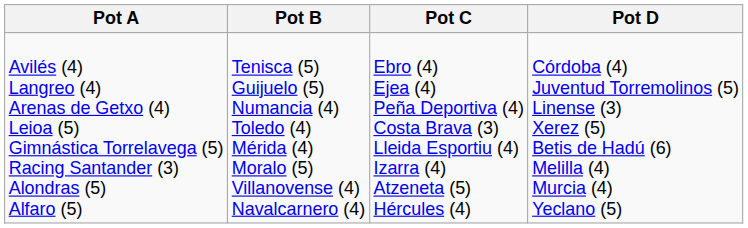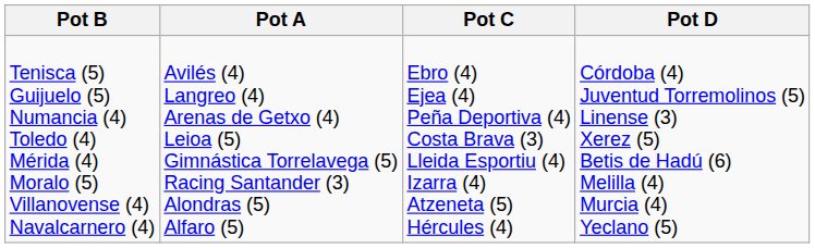 <table class="wikitable">
 <tr>
+<th>Pot B</th>
 <th>Pot A</th>
-<th>Pot B</th>
 <th>Pot C</th>
 <th>Pot D</th>
 </tr>
 <tr style="vertical-align:top">
+<td><br> <a href='#'>Tenisca</a> (5)<br>  <a href='#'>Guijuelo</a> (5)<br>  <a href='#'>Numancia</a> (4)<br>  <a href='#'>Toledo</a> (4)<br>  <a href='#'>Mérida</a> (4)<br>  <a href='#'>Moralo</a> (5)<br>  <a href='#'>Villanovense</a> (4)<br>  <a href='#'>Navalcarnero</a> (4)<br></td>
 <td><br> <a href='#'>Avilés</a> (4)<br>  <a href='#'>Langreo</a> (4)<br>  <a href='#'>Arenas de Getxo</a> (4)<br>  <a href='#'>Leioa</a> (5)<br>  <a href='#'>Gimnástica Torrelavega</a> (5)<br>  <a href='#'>Racing Santander</a> (3)<br>  <a href='#'>Alondras</a> (5)<br>  <a href='#'>Alfaro</a> (5)</td>
-<td><br> <a href='#'>Tenisca</a> (5)<br>  <a href='#'>Guijuelo</a> (5)<br>  <a href='#'>Numancia</a> (4)<br>  <a href='#'>Toledo</a> (4)<br>  <a href='#'>Mérida</a> (4)<br>  <a href='#'>Moralo</a> (5)<br>  <a href='#'>Villanovense</a> (4)<br>  <a href='#'>Navalcarnero</a> (4)<br></td>
 <td><br> <a href='#'>Ebro</a> (4)<br>  <a href='#'>Ejea</a> (4)<br>  <a href='#'>Peña Deportiva</a> (4)<br>  <a href='#'>Costa Brava</a> (3)<br>  <a href='#'>Lleida Esportiu</a> (4)<br>  <a href='#'>Izarra</a> (4)<br>  <a href='#'>Atzeneta</a> (5)<br>  <a href='#'>Hércules</a> (4)</td>
 <td><br> <a href='#'>Córdoba</a> (4)<br>  <a href='#'>Juventud Torremolinos</a> (5)<br>  <a href='#'>Linense</a> (3)<br>  <a href='#'>Xerez</a> (5)<br>  <a href='#'>Betis de Hadú</a> (6)<br>  <a href='#'>Melilla</a> (4)<br>  <a href='#'>Murcia</a> (4)<br>  <a href='#'>Yeclano</a> (5)</td>
 </tr>
 </table>
